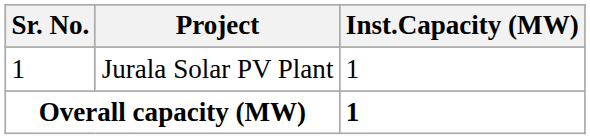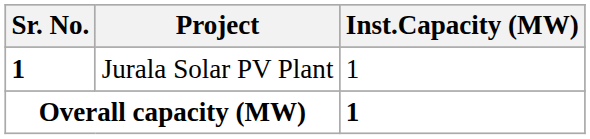 <table class="wikitable sortable" style="margin:1em auto; background:#fff;">
 <tr style="text-align:left;">
 <th>Sr. No.</th>
 <th>Project</th>
 <th>Inst.Capacity (MW)</th>
 </tr>
 <tr style="text-align:left;">
-<td>1</td>
+<td><strong>1</strong></td>
 <td>Jurala Solar PV Plant</td>
 <td>1</td>
 </tr>
 <tr>
 <td colspan="2" style="text-align:center;"><strong>Overall capacity (MW)</strong></td>
 <td style="text-align:left;"><strong>1</strong></td>
 </tr>
 </table>
